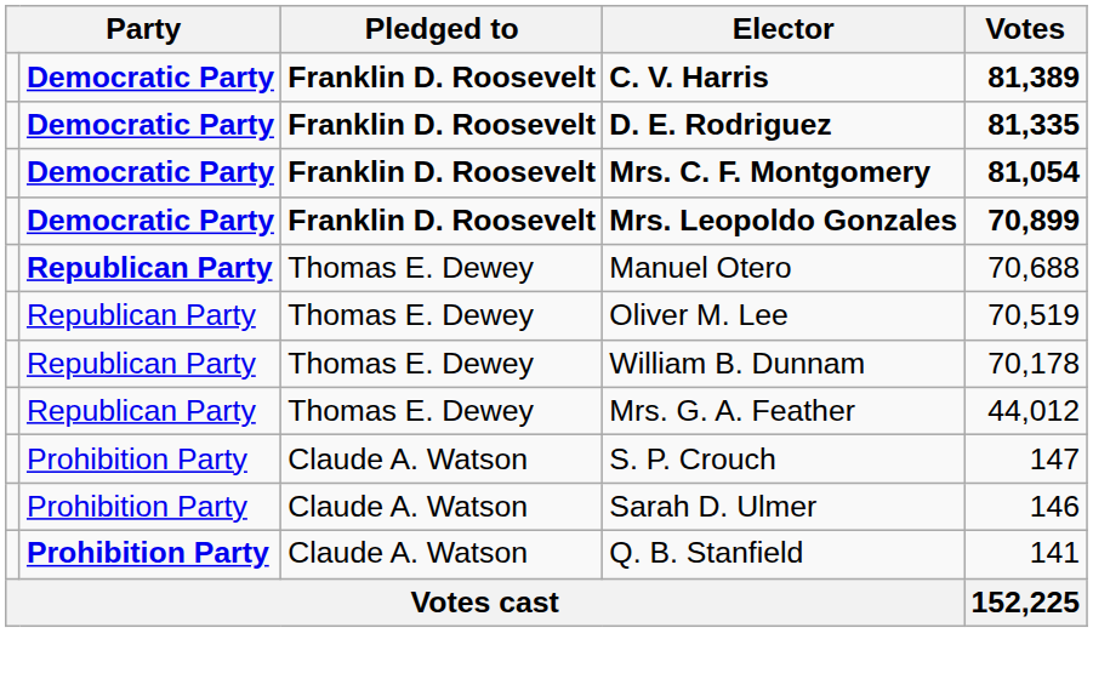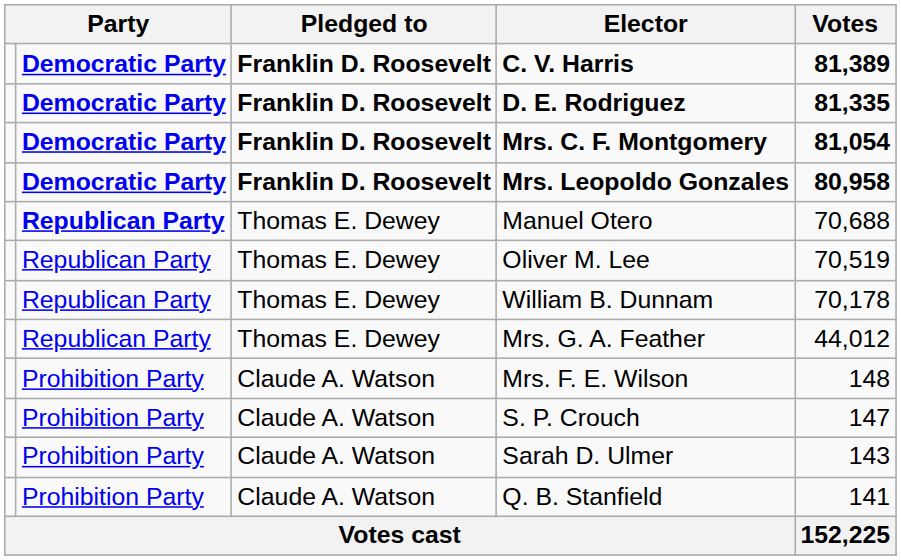 <table class="wikitable">
 <tr>
 <th colspan=2>Party</th>
 <th>Pledged to</th>
 <th>Elector</th>
 <th>Votes</th>
 </tr>
 <tr style="font-weight:bold">
 <td bgcolor=></td>
 <td><a href='#'>Democratic Party</a></td>
 <td>Franklin D. Roosevelt</td>
 <td>C. V. Harris</td>
 <td align=right>81,389</td>
 </tr>
 <tr style="font-weight:bold">
 <td bgcolor=></td>
 <td><a href='#'>Democratic Party</a></td>
 <td>Franklin D. Roosevelt</td>
 <td>D. E. Rodriguez</td>
 <td align=right>81,335</td>
 </tr>
 <tr style="font-weight:bold">
 <td bgcolor=></td>
 <td><a href='#'>Democratic Party</a></td>
 <td>Franklin D. Roosevelt</td>
 <td>Mrs. C. F. Montgomery</td>
 <td align=right>81,054</td>
 </tr>
 <tr style="font-weight:bold">
 <td bgcolor=></td>
 <td><a href='#'>Democratic Party</a></td>
 <td>Franklin D. Roosevelt</td>
 <td>Mrs. Leopoldo Gonzales</td>
-<td align=right>70,899</td>
+<td align=right>80,958</td>
 </tr>
 <tr>
 <td></td>
 <td><strong><a href='#'>Republican Party</a></strong></td>
 <td>Thomas E. Dewey</td>
 <td>Manuel Otero</td>
 <td align="right">70,688</td>
 </tr>
 <tr>
 <td></td>
 <td><a href='#'>Republican Party</a></td>
 <td>Thomas E. Dewey</td>
 <td>Oliver M. Lee</td>
 <td align="right">70,519</td>
 </tr>
 <tr>
 <td></td>
 <td><a href='#'>Republican Party</a></td>
 <td>Thomas E. Dewey</td>
 <td>William B. Dunnam</td>
 <td align="right">70,178</td>
 </tr>
 <tr>
 <td></td>
 <td><a href='#'>Republican Party</a></td>
 <td>Thomas E. Dewey</td>
 <td>Mrs. G. A. Feather</td>
 <td align="right">44,012</td>
 </tr>
 <tr>
 <td bgcolor=></td>
 <td><a href='#'>Prohibition Party</a></td>
 <td>Claude A. Watson</td>
+<td>Mrs. F. E. Wilson</td>
+<td align="right">148</td>
+</tr>
+<tr>
+<td bgcolor=></td>
+<td><a href='#'>Prohibition Party</a></td>
+<td>Claude A. Watson</td>
 <td>S. P. Crouch</td>
 <td align="right">147</td>
 </tr>
 <tr>
 <td bgcolor=></td>
 <td><a href='#'>Prohibition Party</a></td>
 <td>Claude A. Watson</td>
 <td>Sarah D. Ulmer</td>
-<td align="right">146</td>
+<td align="right">143</td>
 </tr>
 <tr>
 <td bgcolor=></td>
-<td><strong><a href='#'>Prohibition Party</a></strong></td>
+<td><a href='#'>Prohibition Party</a></td>
 <td>Claude A. Watson</td>
 <td>Q. B. Stanfield</td>
 <td align="right">141</td>
 </tr>
 <tr>
 <th colspan="4">Votes cast</th>
 <th>152,225</th>
 </tr>
 </table>
